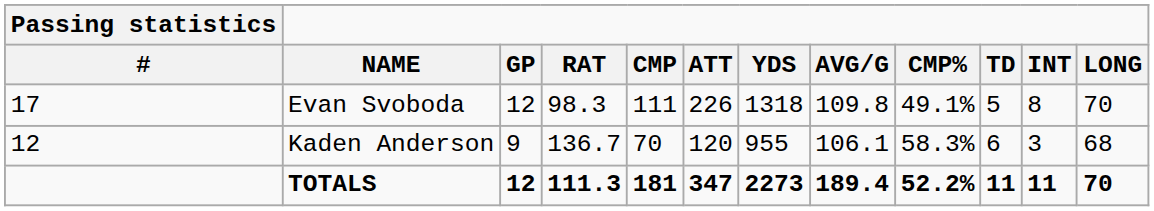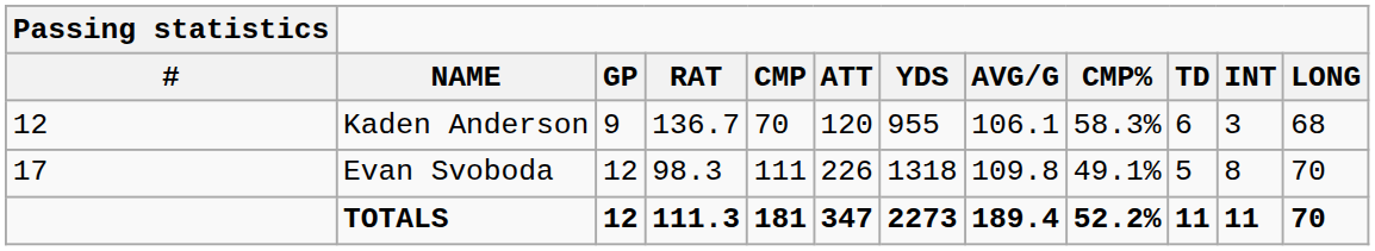 <table class="wikitable collapsible">
 <tr>
 <th style="text-align:center; ">Passing statistics</th>
 </tr>
 <tr>
 <th>#</th>
 <th>NAME</th>
 <th>GP</th>
 <th>RAT</th>
 <th>CMP</th>
 <th>ATT</th>
 <th>YDS</th>
 <th>AVG/G</th>
 <th>CMP%</th>
 <th>TD</th>
 <th>INT</th>
 <th>LONG</th>
 </tr>
 <tr>
+<td>12</td>
+<td>Kaden Anderson</td>
+<td>9</td>
+<td>136.7</td>
+<td>70</td>
+<td>120</td>
+<td>955</td>
+<td>106.1</td>
+<td>58.3%</td>
+<td>6</td>
+<td>3</td>
+<td>68</td>
+</tr>
+<tr>
 <td>17</td>
 <td>Evan Svoboda</td>
 <td>12</td>
 <td>98.3</td>
 <td>111</td>
 <td>226</td>
 <td>1318</td>
 <td>109.8</td>
 <td>49.1%</td>
 <td>5</td>
 <td>8</td>
 <td>70</td>
-</tr>
-<tr>
-<td>12</td>
-<td>Kaden Anderson</td>
-<td>9</td>
-<td>136.7</td>
-<td>70</td>
-<td>120</td>
-<td>955</td>
-<td>106.1</td>
-<td>58.3%</td>
-<td>6</td>
-<td>3</td>
-<td>68</td>
 </tr>
 <tr>
 <td></td>
 <td><strong>TOTALS</strong></td>
 <td><strong>12</strong></td>
 <td><strong>111.3</strong></td>
 <td><strong>181</strong></td>
 <td><strong>347</strong></td>
 <td><strong>2273</strong></td>
 <td><strong>189.4</strong></td>
 <td><strong>52.2%</strong></td>
 <td><strong>11</strong></td>
 <td><strong>11</strong></td>
 <td><strong>70</strong></td>
 </tr>
 </table>
